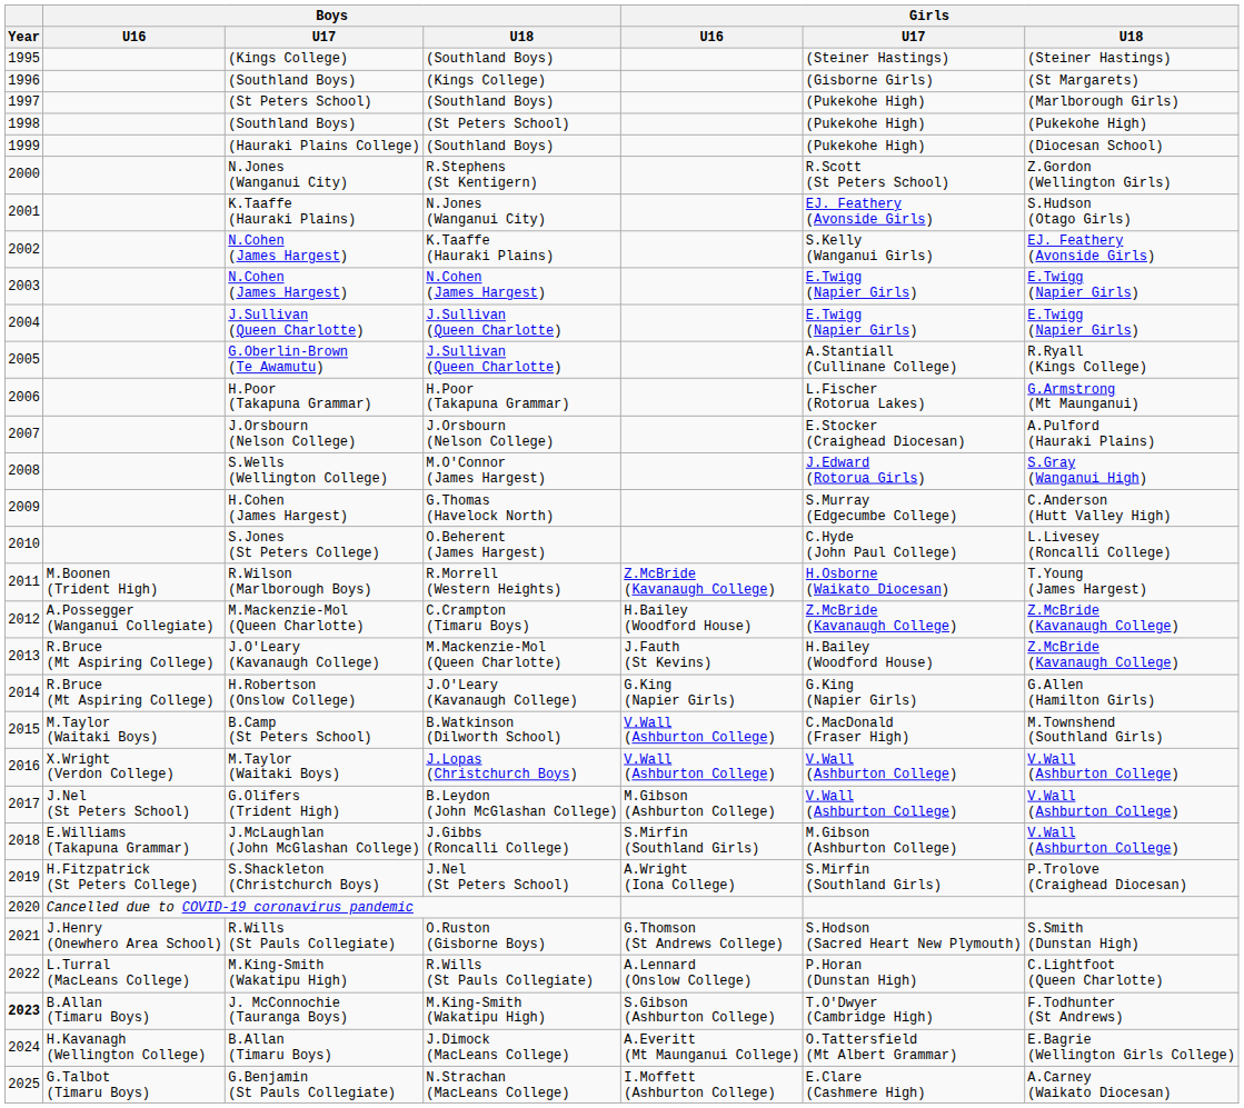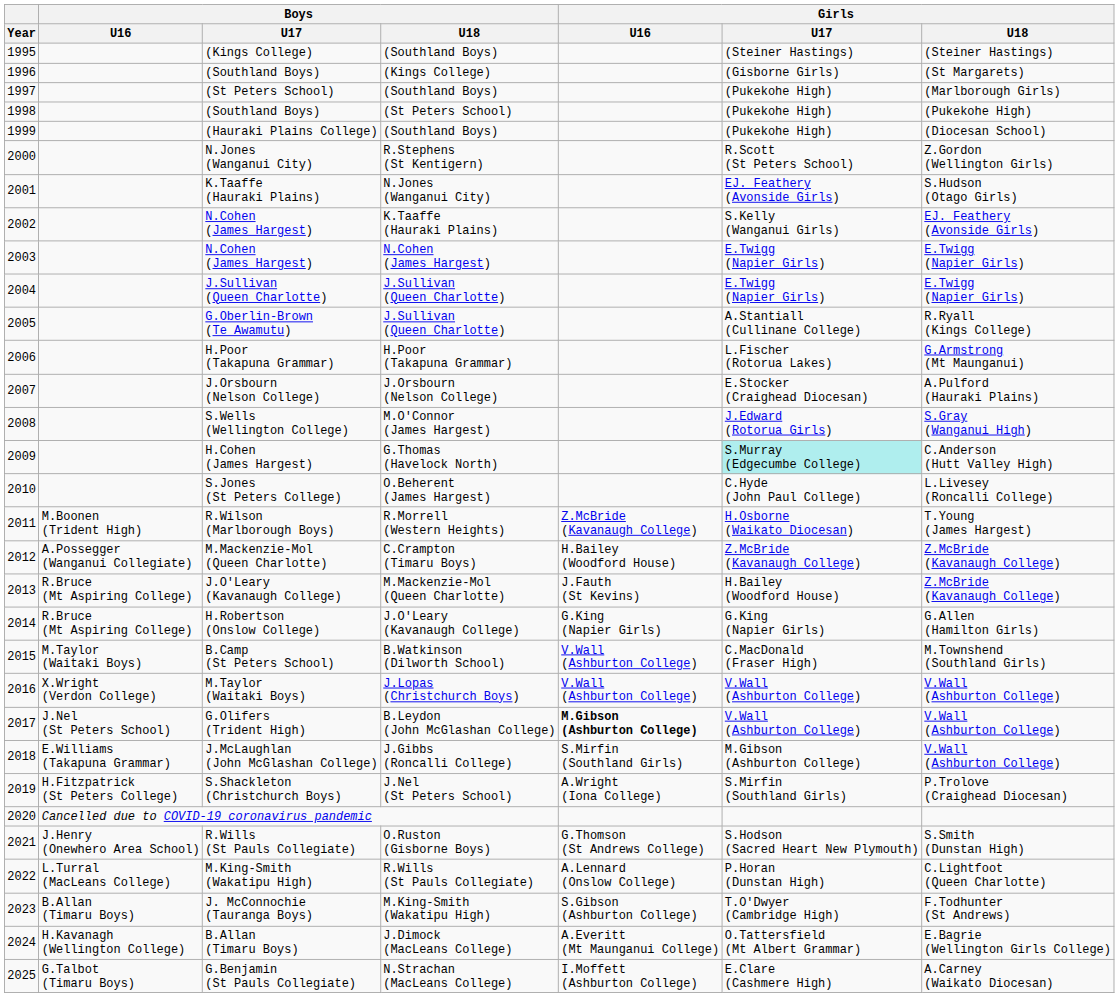 <table class="wikitable">
 <tr>
 <th></th>
 <th colspan="3">Boys</th>
 <th colspan="3">Girls</th>
 </tr>
 <tr>
 <th>Year</th>
 <th>U16</th>
 <th>U17</th>
 <th>U18</th>
 <th>U16</th>
 <th>U17</th>
 <th>U18</th>
 </tr>
 <tr>
 <td>1995</td>
 <td></td>
 <td>(Kings College)</td>
 <td>(Southland Boys)</td>
 <td></td>
 <td>(Steiner Hastings)</td>
 <td>(Steiner Hastings)</td>
 </tr>
 <tr>
 <td>1996</td>
 <td></td>
 <td>(Southland Boys)</td>
 <td>(Kings College)</td>
 <td></td>
 <td>(Gisborne Girls)</td>
 <td>(St Margarets)</td>
 </tr>
 <tr>
 <td>1997</td>
 <td></td>
 <td>(St Peters School)</td>
 <td>(Southland Boys)</td>
 <td></td>
 <td>(Pukekohe High)</td>
 <td>(Marlborough Girls)</td>
 </tr>
 <tr>
 <td>1998</td>
 <td></td>
 <td>(Southland Boys)</td>
 <td>(St Peters School)</td>
 <td></td>
 <td>(Pukekohe High)</td>
 <td>(Pukekohe High)</td>
 </tr>
 <tr>
 <td>1999</td>
 <td></td>
 <td>(Hauraki Plains College)</td>
 <td>(Southland Boys)</td>
 <td></td>
 <td>(Pukekohe High)</td>
 <td>(Diocesan School)</td>
 </tr>
 <tr>
 <td>2000</td>
 <td></td>
 <td>N.Jones<br>(Wanganui City)</td>
 <td>R.Stephens<br>(St Kentigern)</td>
 <td></td>
 <td>R.Scott<br>(St Peters School)</td>
 <td>Z.Gordon<br>(Wellington Girls)</td>
 </tr>
 <tr>
 <td>2001</td>
 <td></td>
 <td>K.Taaffe<br>(Hauraki Plains)</td>
 <td>N.Jones<br>(Wanganui City)</td>
 <td></td>
 <td><a href='#'>EJ. Feathery</a><br>(<a href='#'>Avonside Girls</a>)</td>
 <td>S.Hudson<br>(Otago Girls)</td>
 </tr>
 <tr>
 <td>2002</td>
 <td></td>
 <td><a href='#'>N.Cohen</a><br>(<a href='#'>James Hargest</a>)</td>
 <td>K.Taaffe<br>(Hauraki Plains)</td>
 <td></td>
 <td>S.Kelly<br>(Wanganui Girls)</td>
 <td><a href='#'>EJ. Feathery</a><br>(<a href='#'>Avonside Girls</a>)</td>
 </tr>
 <tr>
 <td>2003</td>
 <td></td>
 <td><a href='#'>N.Cohen</a><br>(<a href='#'>James Hargest</a>)</td>
 <td><a href='#'>N.Cohen</a><br>(<a href='#'>James Hargest</a>)</td>
 <td></td>
 <td><a href='#'>E.Twigg</a><br>(<a href='#'>Napier Girls</a>)</td>
 <td><a href='#'>E.Twigg</a><br>(<a href='#'>Napier Girls</a>)</td>
 </tr>
 <tr>
 <td>2004</td>
 <td></td>
 <td><a href='#'>J.Sullivan</a><br>(<a href='#'>Queen Charlotte</a>)</td>
 <td><a href='#'>J.Sullivan</a><br>(<a href='#'>Queen Charlotte</a>)</td>
 <td></td>
 <td><a href='#'>E.Twigg</a><br>(<a href='#'>Napier Girls</a>)</td>
 <td><a href='#'>E.Twigg</a><br>(<a href='#'>Napier Girls</a>)</td>
 </tr>
 <tr>
 <td>2005</td>
 <td></td>
 <td><a href='#'>G.Oberlin-Brown</a><br>(<a href='#'>Te Awamutu</a>)</td>
 <td><a href='#'>J.Sullivan</a><br>(<a href='#'>Queen Charlotte</a>)</td>
 <td></td>
 <td>A.Stantiall<br>(Cullinane College)</td>
 <td>R.Ryall<br>(Kings College)</td>
 </tr>
 <tr>
 <td>2006</td>
 <td></td>
 <td>H.Poor<br>(Takapuna Grammar)</td>
 <td>H.Poor<br>(Takapuna Grammar)</td>
 <td></td>
 <td>L.Fischer<br>(Rotorua Lakes)</td>
 <td><a href='#'>G.Armstrong</a><br>(Mt Maunganui)</td>
 </tr>
 <tr>
 <td>2007</td>
 <td></td>
 <td>J.Orsbourn<br>(Nelson College)</td>
 <td>J.Orsbourn<br>(Nelson College)</td>
 <td></td>
 <td>E.Stocker<br>(Craighead Diocesan)</td>
 <td>A.Pulford<br>(Hauraki Plains)</td>
 </tr>
 <tr>
 <td>2008</td>
 <td></td>
 <td>S.Wells<br>(Wellington College)</td>
 <td>M.O'Connor<br>(James Hargest)</td>
 <td></td>
 <td><a href='#'>J.Edward</a><br>(<a href='#'>Rotorua Girls</a>)</td>
 <td><a href='#'>S.Gray</a><br>(<a href='#'>Wanganui High</a>)</td>
 </tr>
 <tr>
 <td>2009</td>
 <td></td>
 <td>H.Cohen<br>(James Hargest)</td>
 <td>G.Thomas<br>(Havelock North)</td>
 <td></td>
-<td>S.Murray<br>(Edgecumbe College)</td>
+<td style="background: paleturquoise;">S.Murray<br>(Edgecumbe College)</td>
 <td>C.Anderson<br>(Hutt Valley High)</td>
 </tr>
 <tr>
 <td>2010</td>
 <td></td>
 <td>S.Jones<br>(St Peters College)</td>
 <td>O.Beherent<br>(James Hargest)</td>
 <td></td>
 <td>C.Hyde<br>(John Paul College)</td>
 <td>L.Livesey<br>(Roncalli College)</td>
 </tr>
 <tr>
 <td>2011</td>
 <td>M.Boonen<br>(Trident High)</td>
 <td>R.Wilson<br>(Marlborough Boys)</td>
 <td>R.Morrell<br>(Western Heights)</td>
 <td><a href='#'>Z.McBride</a><br>(<a href='#'>Kavanaugh College</a>)</td>
 <td><a href='#'>H.Osborne</a><br>(<a href='#'>Waikato Diocesan</a>)</td>
 <td>T.Young<br>(James Hargest)</td>
 </tr>
 <tr>
 <td>2012</td>
 <td>A.Possegger<br>(Wanganui Collegiate)</td>
 <td>M.Mackenzie-Mol<br>(Queen Charlotte)</td>
 <td>C.Crampton<br>(Timaru Boys)</td>
 <td>H.Bailey<br>(Woodford House)</td>
 <td><a href='#'>Z.McBride</a><br>(<a href='#'>Kavanaugh College</a>)</td>
 <td><a href='#'>Z.McBride</a><br>(<a href='#'>Kavanaugh College</a>)</td>
 </tr>
 <tr>
 <td>2013</td>
 <td>R.Bruce<br>(Mt Aspiring College)</td>
 <td>J.O'Leary<br>(Kavanaugh College)</td>
 <td>M.Mackenzie-Mol<br>(Queen Charlotte)</td>
 <td>J.Fauth<br>(St Kevins)</td>
 <td>H.Bailey<br>(Woodford House)</td>
 <td><a href='#'>Z.McBride</a><br>(<a href='#'>Kavanaugh College</a>)</td>
 </tr>
 <tr>
 <td>2014</td>
 <td>R.Bruce<br>(Mt Aspiring College)</td>
 <td>H.Robertson<br>(Onslow College)</td>
 <td>J.O'Leary<br>(Kavanaugh College)</td>
 <td>G.King<br>(Napier Girls)</td>
 <td>G.King<br>(Napier Girls)</td>
 <td>G.Allen<br>(Hamilton Girls)</td>
 </tr>
 <tr>
 <td>2015</td>
 <td>M.Taylor<br>(Waitaki Boys)</td>
 <td>B.Camp<br>(St Peters School)</td>
 <td>B.Watkinson<br>(Dilworth School)</td>
 <td><a href='#'>V.Wall</a><br>(<a href='#'>Ashburton College</a>)</td>
 <td>C.MacDonald<br>(Fraser High)</td>
 <td>M.Townshend<br>(Southland Girls)</td>
 </tr>
 <tr>
 <td>2016</td>
 <td>X.Wright<br>(Verdon College)</td>
 <td>M.Taylor<br>(Waitaki Boys)</td>
 <td><a href='#'>J.Lopas</a><br>(<a href='#'>Christchurch Boys</a>)</td>
 <td><a href='#'>V.Wall</a><br>(<a href='#'>Ashburton College</a>)</td>
 <td><a href='#'>V.Wall</a><br>(<a href='#'>Ashburton College</a>)</td>
 <td><a href='#'>V.Wall</a><br>(<a href='#'>Ashburton College</a>)</td>
 </tr>
 <tr>
 <td>2017</td>
 <td>J.Nel<br>(St Peters School)</td>
 <td>G.Olifers<br>(Trident High)</td>
 <td>B.Leydon<br>(John McGlashan College)</td>
-<td>M.Gibson<br>(Ashburton College)</td>
+<td><strong>M.Gibson<br>(Ashburton College)</strong></td>
 <td><a href='#'>V.Wall</a><br>(<a href='#'>Ashburton College</a>)</td>
 <td><a href='#'>V.Wall</a><br>(<a href='#'>Ashburton College</a>)</td>
 </tr>
 <tr>
 <td>2018</td>
 <td>E.Williams<br>(Takapuna Grammar)</td>
 <td>J.McLaughlan<br>(John McGlashan College)</td>
 <td>J.Gibbs<br>(Roncalli College)</td>
 <td>S.Mirfin<br>(Southland Girls)</td>
 <td>M.Gibson<br>(Ashburton College)</td>
 <td><a href='#'>V.Wall</a><br>(<a href='#'>Ashburton College</a>)</td>
 </tr>
 <tr>
 <td>2019</td>
 <td>H.Fitzpatrick<br>(St Peters College)</td>
 <td>S.Shackleton<br>(Christchurch Boys)</td>
 <td>J.Nel<br>(St Peters School)</td>
 <td>A.Wright<br>(Iona College)</td>
 <td>S.Mirfin<br>(Southland Girls)</td>
 <td>P.Trolove<br>(Craighead Diocesan)</td>
 </tr>
 <tr>
 <td>2020</td>
 <td colspan="3"><em>Cancelled due to <a href='#'>COVID-19 coronavirus pandemic</a></em></td>
 <td></td>
 <td></td>
 <td></td>
 </tr>
 <tr>
 <td>2021</td>
 <td>J.Henry<br>(Onewhero Area School)</td>
 <td>R.Wills<br>(St Pauls Collegiate)</td>
 <td>O.Ruston<br>(Gisborne Boys)</td>
 <td>G.Thomson<br>(St Andrews College)</td>
 <td>S.Hodson<br>(Sacred Heart New Plymouth)</td>
 <td>S.Smith<br>(Dunstan High)</td>
 </tr>
 <tr>
 <td>2022</td>
 <td>L.Turral<br>(MacLeans College)</td>
 <td>M.King-Smith<br>(Wakatipu High)</td>
 <td>R.Wills<br>(St Pauls Collegiate)</td>
 <td>A.Lennard<br>(Onslow College)</td>
 <td>P.Horan<br>(Dunstan High)</td>
 <td>C.Lightfoot<br>(Queen Charlotte)</td>
 </tr>
 <tr>
-<td><strong>2023</strong></td>
+<td>2023</td>
 <td>B.Allan<br>(Timaru Boys)</td>
 <td>J. McConnochie<br>(Tauranga Boys)</td>
 <td>M.King-Smith<br>(Wakatipu High)</td>
 <td>S.Gibson<br>(Ashburton College)</td>
 <td>T.O'Dwyer<br>(Cambridge High)</td>
 <td>F.Todhunter<br>(St Andrews)</td>
 </tr>
 <tr>
 <td>2024</td>
 <td>H.Kavanagh<br>(Wellington College)</td>
 <td>B.Allan<br>(Timaru Boys)</td>
 <td>J.Dimock<br>(MacLeans College)</td>
 <td>A.Everitt<br>(Mt Maunganui College)</td>
 <td>O.Tattersfield<br>(Mt Albert Grammar)</td>
 <td>E.Bagrie<br>(Wellington Girls College)</td>
 </tr>
 <tr>
 <td>2025</td>
 <td>G.Talbot<br>(Timaru Boys)</td>
 <td>G.Benjamin<br>(St Pauls Collegiate)</td>
 <td>N.Strachan<br>(MacLeans College)</td>
 <td>I.Moffett<br>(Ashburton College)</td>
 <td>E.Clare<br>(Cashmere High)</td>
 <td>A.Carney<br>(Waikato Diocesan)</td>
 </tr>
 </table>
